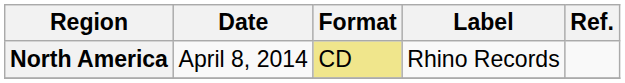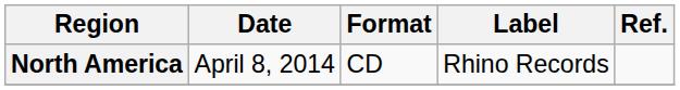 <table class="wikitable plainrowheaders">
 <tr>
 <th scope="col">Region</th>
 <th scope="col">Date</th>
 <th scope="col">Format</th>
 <th scope="col">Label</th>
 <th scope="col">Ref.</th>
 </tr>
 <tr>
 <th scope="row">North America</th>
 <td>April 8, 2014</td>
-<td style="background: khaki;">CD</td>
+<td>CD</td>
 <td>Rhino Records</td>
 <td></td>
 </tr>
 <tr>
 </tr>
 </table>
